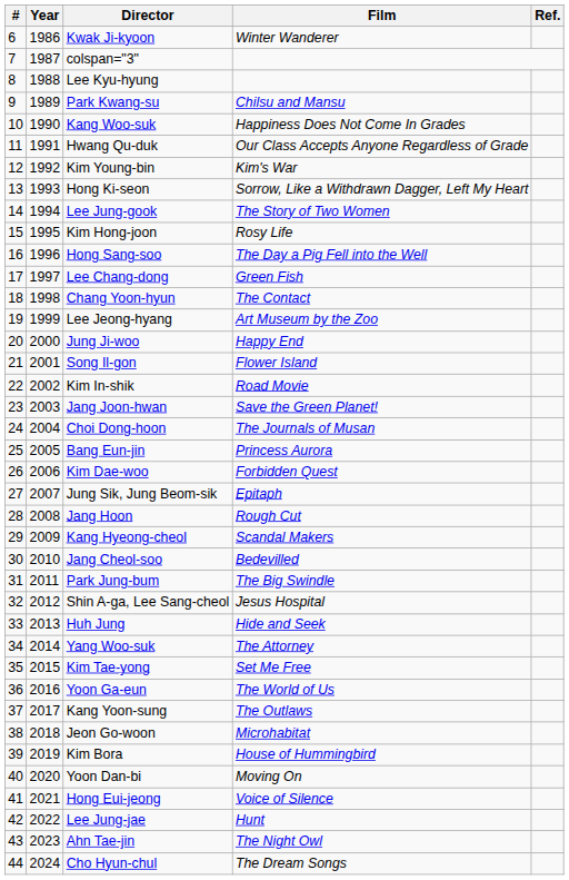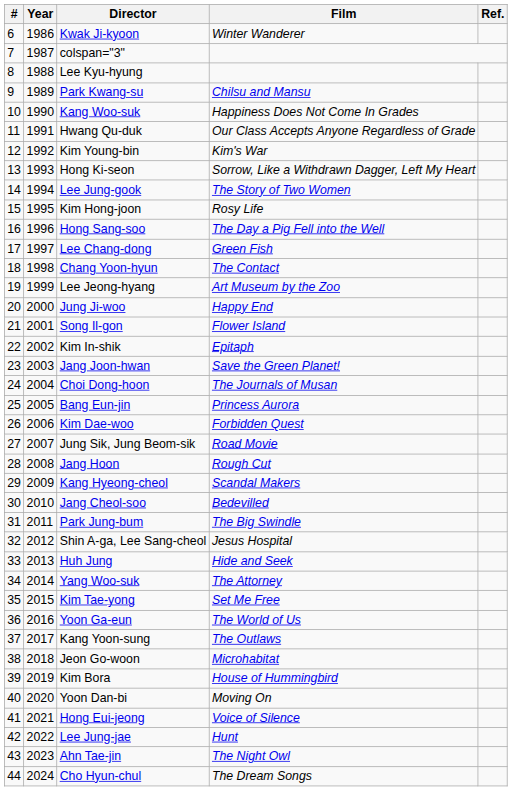 <table class="wikitable">
 <tr>
 <th>#</th>
 <th>Year</th>
 <th>Director</th>
 <th>Film</th>
 <th>Ref.</th>
 </tr>
 <tr>
 <td>6</td>
 <td>1986</td>
 <td><a href='#'>Kwak Ji-kyoon</a></td>
 <td><em>Winter Wanderer</em></td>
 <td></td>
 </tr>
 <tr>
 <td>7</td>
 <td>1987</td>
 <td>colspan="3" </td>
 </tr>
 <tr>
 <td>8</td>
 <td>1988</td>
 <td>Lee Kyu-hyung</td>
 <td></td>
 <td></td>
 </tr>
 <tr>
 <td>9</td>
 <td>1989</td>
 <td><a href='#'>Park Kwang-su</a></td>
 <td><em><a href='#'>Chilsu and Mansu</a></em></td>
 <td></td>
 </tr>
 <tr>
 <td>10</td>
 <td>1990</td>
 <td><a href='#'>Kang Woo-suk</a></td>
 <td><em>Happiness Does Not Come In Grades</em></td>
 <td></td>
 </tr>
 <tr>
 <td>11</td>
 <td>1991</td>
 <td>Hwang Qu-duk</td>
 <td><em>Our Class Accepts Anyone Regardless of Grade</em></td>
 <td></td>
 </tr>
 <tr>
 <td>12</td>
 <td>1992</td>
 <td>Kim Young-bin</td>
 <td><em>Kim's War</em></td>
 <td></td>
 </tr>
 <tr>
 <td>13</td>
 <td>1993</td>
 <td>Hong Ki-seon</td>
 <td><em>Sorrow, Like a Withdrawn Dagger, Left My Heart</em></td>
 <td></td>
 </tr>
 <tr>
 <td>14</td>
 <td>1994</td>
 <td><a href='#'>Lee Jung-gook</a></td>
 <td><em><a href='#'>The Story of Two Women</a></em></td>
 <td></td>
 </tr>
 <tr>
 <td>15</td>
 <td>1995</td>
 <td>Kim Hong-joon</td>
 <td><em>Rosy Life</em></td>
 <td></td>
 </tr>
 <tr>
 <td>16</td>
 <td>1996</td>
 <td><a href='#'>Hong Sang-soo</a></td>
 <td><em><a href='#'>The Day a Pig Fell into the Well</a></em></td>
 <td></td>
 </tr>
 <tr>
 <td>17</td>
 <td>1997</td>
 <td><a href='#'>Lee Chang-dong</a></td>
 <td><em><a href='#'>Green Fish</a></em></td>
 <td></td>
 </tr>
 <tr>
 <td>18</td>
 <td>1998</td>
 <td><a href='#'>Chang Yoon-hyun</a></td>
 <td><em><a href='#'>The Contact</a></em></td>
 <td></td>
 </tr>
 <tr>
 <td>19</td>
 <td>1999</td>
 <td>Lee Jeong-hyang</td>
 <td><em><a href='#'>Art Museum by the Zoo</a></em></td>
 <td></td>
 </tr>
 <tr>
 <td>20</td>
 <td>2000</td>
 <td><a href='#'>Jung Ji-woo</a></td>
 <td><em><a href='#'>Happy End</a></em></td>
 <td></td>
 </tr>
 <tr>
 <td>21</td>
 <td>2001</td>
 <td><a href='#'>Song Il-gon</a></td>
 <td><em><a href='#'>Flower Island</a></em></td>
 <td></td>
 </tr>
 <tr>
 <td>22</td>
 <td>2002</td>
 <td>Kim In-shik</td>
-<td><em><a href='#'>Road Movie</a></em></td>
+<td><em><a href='#'>Epitaph</a></em></td>
 <td></td>
 </tr>
 <tr>
 <td>23</td>
 <td>2003</td>
 <td><a href='#'>Jang Joon-hwan</a></td>
 <td><em><a href='#'>Save the Green Planet!</a></em></td>
 <td></td>
 </tr>
 <tr>
 <td>24</td>
 <td>2004</td>
 <td><a href='#'>Choi Dong-hoon</a></td>
 <td><em><a href='#'>The Journals of Musan</a></em></td>
 <td></td>
 </tr>
 <tr>
 <td>25</td>
 <td>2005</td>
 <td><a href='#'>Bang Eun-jin</a></td>
 <td><em><a href='#'>Princess Aurora</a></em></td>
 <td></td>
 </tr>
 <tr>
 <td>26</td>
 <td>2006</td>
 <td><a href='#'>Kim Dae-woo</a></td>
 <td><em><a href='#'>Forbidden Quest</a></em></td>
 <td></td>
 </tr>
 <tr>
 <td>27</td>
 <td>2007</td>
 <td>Jung Sik, Jung Beom-sik</td>
-<td><em><a href='#'>Epitaph</a></em></td>
+<td><em><a href='#'>Road Movie</a></em></td>
 <td></td>
 </tr>
 <tr>
 <td>28</td>
 <td>2008</td>
 <td><a href='#'>Jang Hoon</a></td>
 <td><em><a href='#'>Rough Cut</a></em></td>
 <td></td>
 </tr>
 <tr>
 <td>29</td>
 <td>2009</td>
 <td><a href='#'>Kang Hyeong-cheol</a></td>
 <td><em><a href='#'>Scandal Makers</a></em></td>
 <td></td>
 </tr>
 <tr>
 <td>30</td>
 <td>2010</td>
 <td><a href='#'>Jang Cheol-soo</a></td>
 <td><em><a href='#'>Bedevilled</a></em></td>
 <td></td>
 </tr>
 <tr>
 <td>31</td>
 <td>2011</td>
 <td><a href='#'>Park Jung-bum</a></td>
 <td><em><a href='#'>The Big Swindle</a></em></td>
 <td></td>
 </tr>
 <tr>
 <td>32</td>
 <td>2012</td>
 <td>Shin A-ga, Lee Sang-cheol</td>
 <td><em>Jesus Hospital</em></td>
 <td></td>
 </tr>
 <tr>
 <td>33</td>
 <td>2013</td>
 <td><a href='#'>Huh Jung</a></td>
 <td><em><a href='#'>Hide and Seek</a></em></td>
 <td></td>
 </tr>
 <tr>
 <td>34</td>
 <td>2014</td>
 <td><a href='#'>Yang Woo-suk</a></td>
 <td><em><a href='#'>The Attorney</a></em></td>
 <td></td>
 </tr>
 <tr>
 <td>35</td>
 <td>2015</td>
 <td><a href='#'>Kim Tae-yong</a></td>
 <td><em><a href='#'>Set Me Free</a></em></td>
 <td></td>
 </tr>
 <tr>
 <td>36</td>
 <td>2016</td>
 <td><a href='#'>Yoon Ga-eun</a></td>
 <td><em><a href='#'>The World of Us</a></em></td>
 <td></td>
 </tr>
 <tr>
 <td>37</td>
 <td>2017</td>
 <td>Kang Yoon-sung</td>
 <td><em><a href='#'>The Outlaws</a></em></td>
 <td></td>
 </tr>
 <tr>
 <td>38</td>
 <td>2018</td>
 <td>Jeon Go-woon</td>
 <td><em><a href='#'>Microhabitat</a></em></td>
 <td></td>
 </tr>
 <tr>
 <td>39</td>
 <td>2019</td>
 <td>Kim Bora</td>
 <td><em><a href='#'>House of Hummingbird</a></em></td>
 <td></td>
 </tr>
 <tr>
 <td>40</td>
 <td>2020</td>
 <td>Yoon Dan-bi</td>
 <td><em>Moving On</em></td>
 <td></td>
 </tr>
 <tr>
 <td>41</td>
 <td>2021</td>
 <td><a href='#'>Hong Eui-jeong</a></td>
 <td><em><a href='#'>Voice of Silence</a></em></td>
 <td></td>
 </tr>
 <tr>
 <td>42</td>
 <td>2022</td>
 <td><a href='#'>Lee Jung-jae</a></td>
 <td><em><a href='#'>Hunt</a></em></td>
 <td></td>
 </tr>
 <tr>
 <td>43</td>
 <td>2023</td>
 <td><a href='#'>Ahn Tae-jin</a></td>
 <td><em><a href='#'>The Night Owl</a></em></td>
 <td></td>
 </tr>
 <tr>
 <td>44</td>
 <td>2024</td>
 <td><a href='#'>Cho Hyun-chul</a></td>
 <td><em>The Dream Songs	</em></td>
 <td></td>
 </tr>
 </table>
